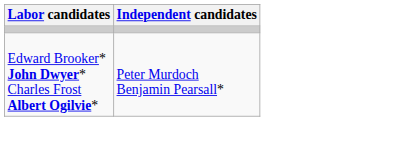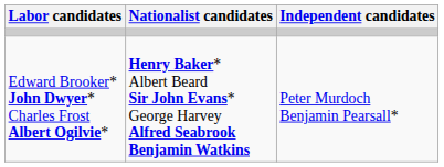 <table class="wikitable">
 <tr>
 <th><a href='#'>Labor</a> candidates</th>
+<th><a href='#'>Nationalist</a> candidates</th>
 <th><a href='#'>Independent</a> candidates</th>
 </tr>
 <tr bgcolor="#cccccc">
 <td></td>
 <td></td>
+<td></td>
 </tr>
 <tr>
 <td><br><a href='#'>Edward Brooker</a>*<br> <strong><a href='#'>John Dwyer</a></strong>*<br> <a href='#'>Charles Frost</a><br> <strong><a href='#'>Albert Ogilvie</a></strong>*</td>
+<td><br><strong><a href='#'>Henry Baker</a></strong>*<br> Albert Beard<br> <strong><a href='#'>Sir John Evans</a></strong>*<br> George Harvey<br> <strong><a href='#'>Alfred Seabrook</a></strong><br> <strong><a href='#'>Benjamin Watkins</a></strong></td>
 <td><br><a href='#'>Peter Murdoch</a><br> <a href='#'>Benjamin Pearsall</a>*</td>
 </tr>
 </table>
